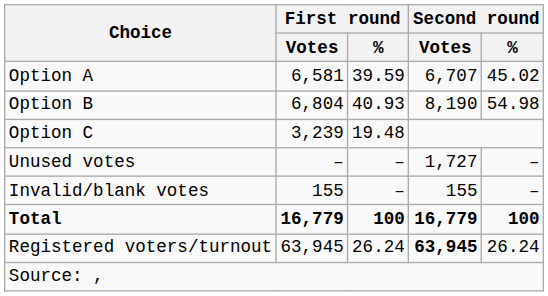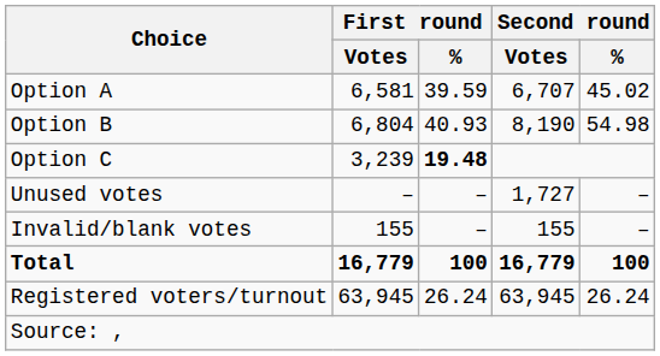 <table class=wikitable style=text-align:right>
 <tr>
 <th rowspan=2>Choice</th>
 <th colspan=2>First round</th>
 <th colspan=2>Second round</th>
 </tr>
 <tr>
 <th>Votes</th>
 <th>%</th>
 <th>Votes</th>
 <th>%</th>
 </tr>
 <tr>
 <td align=left>Option A</td>
 <td>6,581</td>
 <td>39.59</td>
 <td>6,707</td>
 <td>45.02</td>
 </tr>
 <tr>
 <td align=left>Option B</td>
 <td>6,804</td>
 <td>40.93</td>
 <td>8,190</td>
 <td>54.98</td>
 </tr>
 <tr>
 <td align=left>Option C</td>
 <td>3,239</td>
-<td>19.48</td>
+<td><strong>19.48</strong></td>
 <td colspan=2></td>
 </tr>
 <tr>
 <td align=left>Unused votes</td>
 <td>–</td>
 <td>–</td>
 <td>1,727</td>
 <td>–</td>
 </tr>
 <tr>
 <td align=left>Invalid/blank votes</td>
 <td>155</td>
 <td>–</td>
 <td>155</td>
 <td>–</td>
 </tr>
 <tr>
 <td align=left><strong>Total</strong></td>
 <td><strong>16,779</strong></td>
 <td><strong>100</strong></td>
 <td><strong>16,779</strong></td>
 <td><strong>100</strong></td>
 </tr>
 <tr>
 <td align=left>Registered voters/turnout</td>
 <td>63,945</td>
 <td>26.24</td>
-<td><strong>63,945</strong></td>
+<td>63,945</td>
 <td>26.24</td>
 </tr>
 <tr>
 <td align=left colspan=5>Source: , </td>
 </tr>
 </table>
